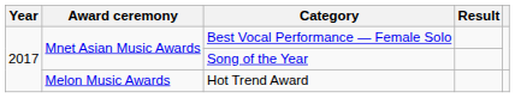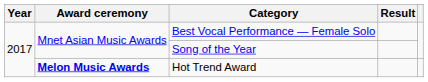 <table class="wikitable sortable">
 <tr>
 <th scope="col">Year</th>
 <th scope="col">Award ceremony</th>
 <th scope="col">Category</th>
 <th scope="col">Result</th>
 <th scope="col" class="unsortable"></th>
 </tr>
 <tr>
 <td rowspan="3">2017</td>
 <td rowspan="2"><a href='#'>Mnet Asian Music Awards</a></td>
 <td><a href='#'>Best Vocal Performance — Female Solo</a></td>
 <td></td>
 <td rowspan="2" align="center"></td>
 </tr>
 <tr>
 <td><a href='#'>Song of the Year</a></td>
 <td></td>
 </tr>
 <tr>
-<td><a href='#'>Melon Music Awards</a></td>
+<td><strong><a href='#'>Melon Music Awards</a></strong></td>
 <td>Hot Trend Award</td>
 <td></td>
 <td align="center"></td>
 </tr>
 </table>
